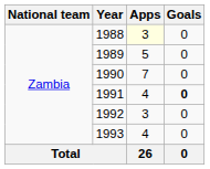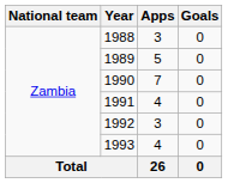 <table class="wikitable" style="text-align: center;">
 <tr>
 <th>National team</th>
 <th>Year</th>
 <th>Apps</th>
 <th>Goals</th>
 </tr>
 <tr>
 <td rowspan="6"><a href='#'>Zambia</a></td>
 <td>1988</td>
-<td style="background: lightyellow;">3</td>
+<td>3</td>
 <td>0</td>
 </tr>
 <tr>
 <td>1989</td>
 <td>5</td>
 <td>0</td>
 </tr>
 <tr>
 <td>1990</td>
 <td>7</td>
 <td>0</td>
 </tr>
 <tr>
 <td>1991</td>
 <td>4</td>
-<td><strong>0</strong></td>
+<td>0</td>
 </tr>
 <tr>
 <td>1992</td>
 <td>3</td>
 <td>0</td>
 </tr>
 <tr>
 <td>1993</td>
 <td>4</td>
 <td>0</td>
 </tr>
 <tr>
 <th colspan="2">Total</th>
 <th>26</th>
 <th>0</th>
 </tr>
 </table>
